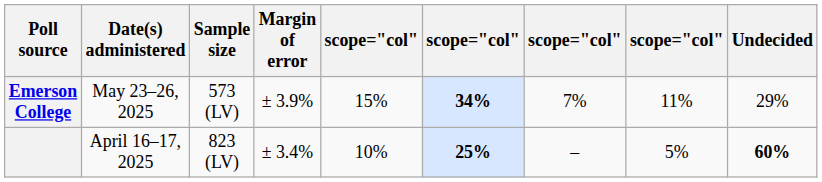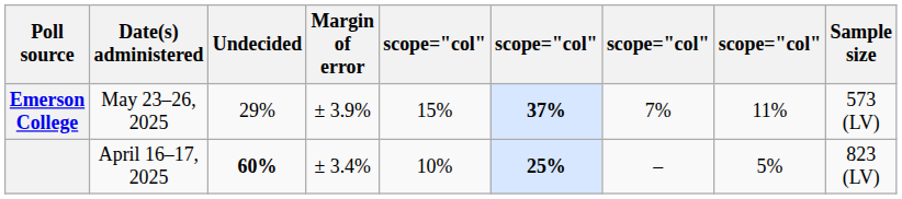 <table class="wikitable plainrowheaders" style="text-align:center; font-size:90%;">
 <tr>
 <th scope="col">Poll source</th>
 <th scope="col">Date(s)<br>administered</th>
-<th scope="col">Sample<br>size</th>
+<th scope="col">Undecided</th>
 <th scope="col">Margin<br>of error</th>
 <th>scope="col" </th>
 <th>scope="col" </th>
 <th>scope="col" </th>
 <th>scope="col" </th>
-<th scope="col">Undecided</th>
+<th scope="col">Sample<br>size</th>
 </tr>
 <tr>
 <th scope="row"><a href='#'>Emerson College</a></th>
 <td>May 23–26, 2025</td>
-<td>573 (LV)</td>
+<td>29%</td>
 <td>± 3.9%</td>
 <td>15%</td>
-<td style="background:#d7e7ff"><strong>34%</strong></td>
+<td style="background:#d7e7ff"><strong>37%</strong></td>
 <td>7%</td>
 <td>11%</td>
-<td>29%</td>
+<td>573 (LV)</td>
 </tr>
 <tr>
 <th scope="row"></th>
 <td>April 16–17, 2025</td>
-<td>823 (LV)</td>
+<td><strong>60%</strong></td>
 <td>± 3.4%</td>
 <td>10%</td>
 <td style="background:#d7e7ff"><strong>25%</strong></td>
 <td>–</td>
 <td>5%</td>
-<td><strong>60%</strong></td>
+<td>823 (LV)</td>
 </tr>
 </table>
